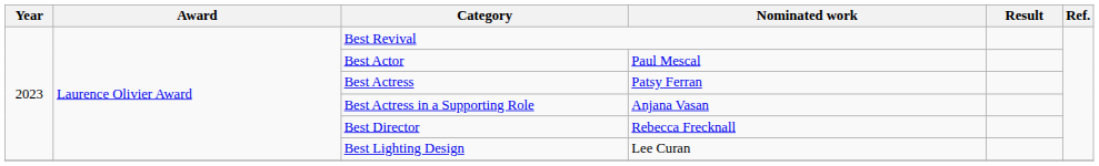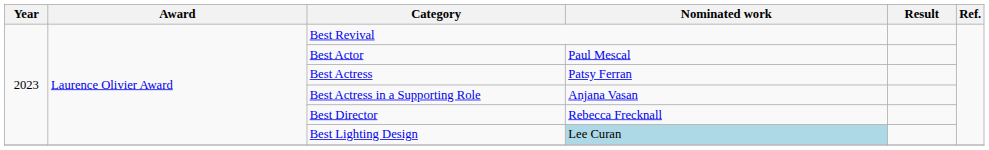 <table class=wikitable>
 <tr>
 <th scope="col" style="width:3em;">Year</th>
 <th scope="col" style="width:20em;">Award</th>
 <th scope="col" style="width:20em;">Category</th>
 <th scope="col" style="width:25em;">Nominated work</th>
 <th scope="col" style="width:5em;">Result</th>
 <th>Ref.</th>
 </tr>
 <tr>
 <td style="text-align:center;", rowspan=6>2023</td>
 <td rowspan=6><a href='#'>Laurence Olivier Award</a></td>
 <td colspan=2><a href='#'>Best Revival</a></td>
 <td></td>
 <td rowspan=6></td>
 </tr>
 <tr>
 <td><a href='#'>Best Actor</a></td>
 <td><a href='#'>Paul Mescal</a></td>
 <td></td>
 </tr>
 <tr>
 <td><a href='#'>Best Actress</a></td>
 <td><a href='#'>Patsy Ferran</a></td>
 <td></td>
 </tr>
 <tr>
 <td><a href='#'>Best Actress in a Supporting Role</a></td>
 <td><a href='#'>Anjana Vasan</a></td>
 <td></td>
 </tr>
 <tr>
 <td><a href='#'>Best Director</a></td>
 <td><a href='#'>Rebecca Frecknall</a></td>
 <td></td>
 </tr>
 <tr>
 <td><a href='#'>Best Lighting Design</a></td>
-<td>Lee Curan</td>
+<td style="background: lightblue;">Lee Curan</td>
 <td></td>
 </tr>
 <tr>
 </tr>
 </table>
